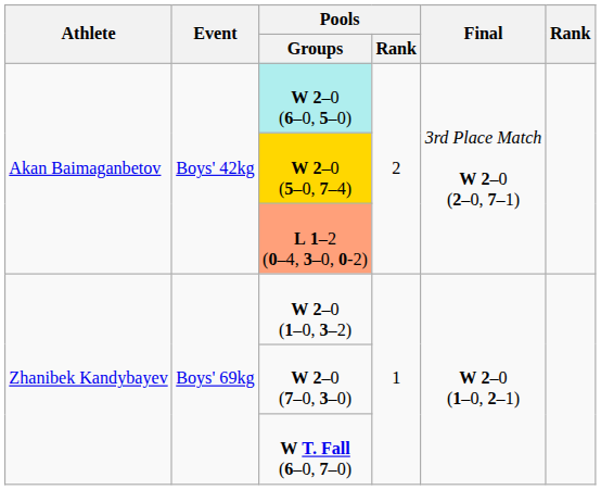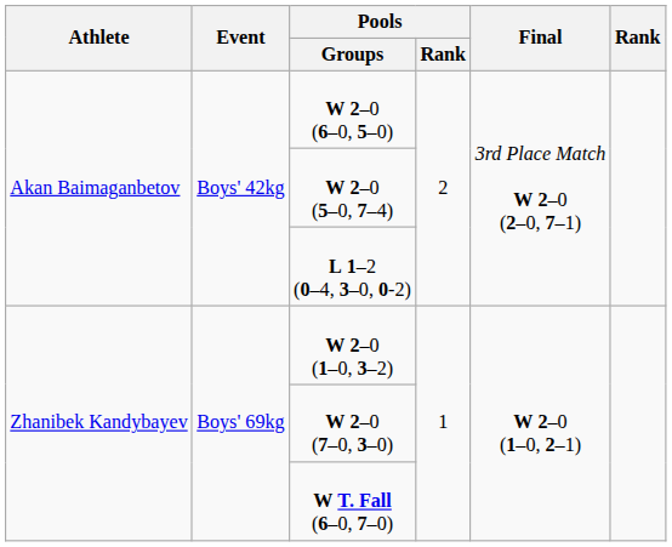 <table class="wikitable" style="text-align:left; font-size:90%">
 <tr>
 <th rowspan="2">Athlete</th>
 <th rowspan="2">Event</th>
 <th colspan="2">Pools</th>
 <th rowspan="2">Final</th>
 <th rowspan="2">Rank</th>
 </tr>
 <tr>
 <th>Groups</th>
 <th>Rank</th>
 </tr>
 <tr>
 <td rowspan="3"><a href='#'>Akan Baimaganbetov</a></td>
 <td rowspan="3"><a href='#'>Boys' 42kg</a></td>
-<td align=center style="background: paleturquoise;"><br><strong>W</strong> <strong>2</strong>–0<br>(<strong>6</strong>–0, <strong>5</strong>–0)</td>
+<td align=center><br><strong>W</strong> <strong>2</strong>–0<br>(<strong>6</strong>–0, <strong>5</strong>–0)</td>
 <td rowspan="3" align=center>2</td>
 <td align=center rowspan=3><em>3rd Place Match</em><br><br><strong>W</strong> <strong>2</strong>–0<br>(<strong>2</strong>–0, <strong>7</strong>–1)</td>
 <td rowspan="3" align="center"></td>
 </tr>
 <tr>
-<td align=center style="background: gold;"><br><strong>W</strong> <strong>2</strong>–0<br>(<strong>5</strong>–0, <strong>7</strong>–4)</td>
+<td align=center><br><strong>W</strong> <strong>2</strong>–0<br>(<strong>5</strong>–0, <strong>7</strong>–4)</td>
 </tr>
 <tr>
-<td align=center style="background: lightsalmon;"><br><strong>L</strong> <strong>1</strong>–2<br>(<strong>0</strong>–4, <strong>3</strong>–0, <strong>0</strong>-2)</td>
+<td align=center><br><strong>L</strong> <strong>1</strong>–2<br>(<strong>0</strong>–4, <strong>3</strong>–0, <strong>0</strong>-2)</td>
 </tr>
 <tr>
 <td rowspan="3"><a href='#'>Zhanibek Kandybayev</a></td>
 <td rowspan="3"><a href='#'>Boys' 69kg</a></td>
 <td align=center><br><strong>W</strong> <strong>2</strong>–0<br>(<strong>1</strong>–0, <strong>3</strong>–2)</td>
 <td rowspan="3" align=center>1</td>
 <td align=center rowspan=3><br><strong>W</strong> <strong>2</strong>–0<br>(<strong>1</strong>–0, <strong>2</strong>–1)</td>
 <td rowspan="3" align="center"></td>
 </tr>
 <tr>
 <td align=center><br><strong>W</strong> <strong>2</strong>–0<br>(<strong>7</strong>–0, <strong>3</strong>–0)</td>
 </tr>
 <tr>
 <td align=center><br><strong>W</strong> <strong><a href='#'>T. Fall</a></strong><br>(<strong>6</strong>–0, <strong>7</strong>–0)</td>
 </tr>
 </table>
